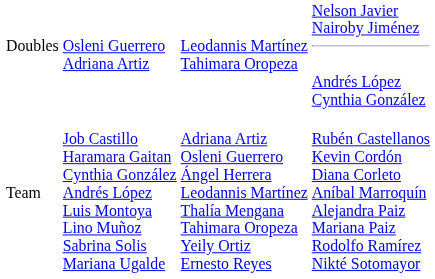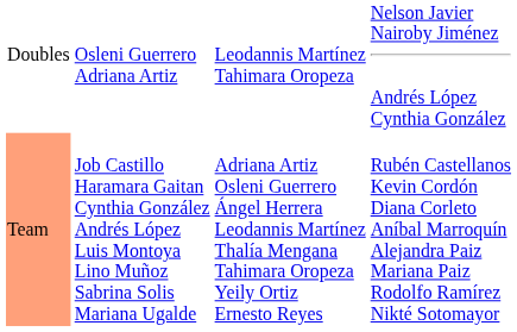 <table>
 <tr>
 <td>Doubles</td>
 <td><br><a href='#'>Osleni Guerrero</a><br><a href='#'>Adriana Artiz</a></td>
 <td><br><a href='#'>Leodannis Martínez</a><br><a href='#'>Tahimara Oropeza</a></td>
 <td><br><a href='#'>Nelson Javier</a><br><a href='#'>Nairoby Jiménez</a><hr><br><a href='#'>Andrés López</a><br><a href='#'>Cynthia González</a></td>
 </tr>
 <tr>
-<td>Team</td>
+<td style="background: lightsalmon;">Team</td>
 <td><br><a href='#'>Job Castillo</a><br><a href='#'>Haramara Gaitan</a><br><a href='#'>Cynthia González</a><br><a href='#'>Andrés López</a><br><a href='#'>Luis Montoya</a><br><a href='#'>Lino Muñoz</a><br><a href='#'>Sabrina Solis</a><br><a href='#'>Mariana Ugalde</a></td>
 <td><br><a href='#'>Adriana Artiz</a><br><a href='#'>Osleni Guerrero</a><br><a href='#'>Ángel Herrera</a><br><a href='#'>Leodannis Martínez</a><br><a href='#'>Thalía Mengana</a><br><a href='#'>Tahimara Oropeza</a><br><a href='#'>Yeily Ortiz</a><br><a href='#'>Ernesto Reyes</a></td>
 <td><br><a href='#'>Rubén Castellanos</a><br><a href='#'>Kevin Cordón</a><br><a href='#'>Diana Corleto</a><br><a href='#'>Aníbal Marroquín</a><br><a href='#'>Alejandra Paiz</a><br><a href='#'>Mariana Paiz</a><br><a href='#'>Rodolfo Ramírez</a><br><a href='#'>Nikté Sotomayor</a></td>
 </tr>
 </table>
